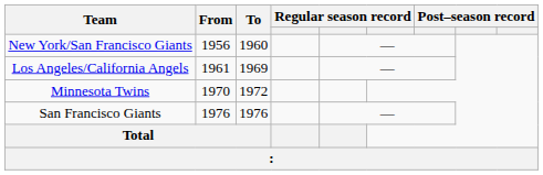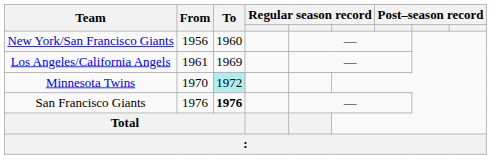 <table class="wikitable" Style="text-align: center">
 <tr>
 <th rowspan="2">Team</th>
 <th rowspan="2">From</th>
 <th rowspan="2">To</th>
 <th colspan="3">Regular season record</th>
 <th colspan="3">Post–season record</th>
 </tr>
 <tr>
 <th></th>
 <th></th>
 <th></th>
 <th></th>
 <th></th>
 <th></th>
 </tr>
 <tr>
 <td><a href='#'>New York/San Francisco Giants</a></td>
 <td>1956</td>
 <td>1960</td>
 <td></td>
 <td colspan="3">—</td>
 </tr>
 <tr>
 <td><a href='#'>Los Angeles/California Angels</a></td>
 <td>1961</td>
 <td>1969</td>
 <td></td>
 <td colspan="3">—</td>
 </tr>
 <tr>
 <td><a href='#'>Minnesota Twins</a></td>
 <td>1970</td>
-<td>1972</td>
+<td style="background: paleturquoise;">1972</td>
 <td></td>
 <td></td>
 </tr>
 <tr>
 <td>San Francisco Giants</td>
 <td>1976</td>
-<td>1976</td>
+<td><strong>1976</strong></td>
 <td></td>
 <td colspan="3">—</td>
 </tr>
 <tr>
 <th colspan="3">Total</th>
 <th></th>
 <th></th>
 </tr>
 <tr>
 <th colspan="9">:</th>
 </tr>
 </table>
